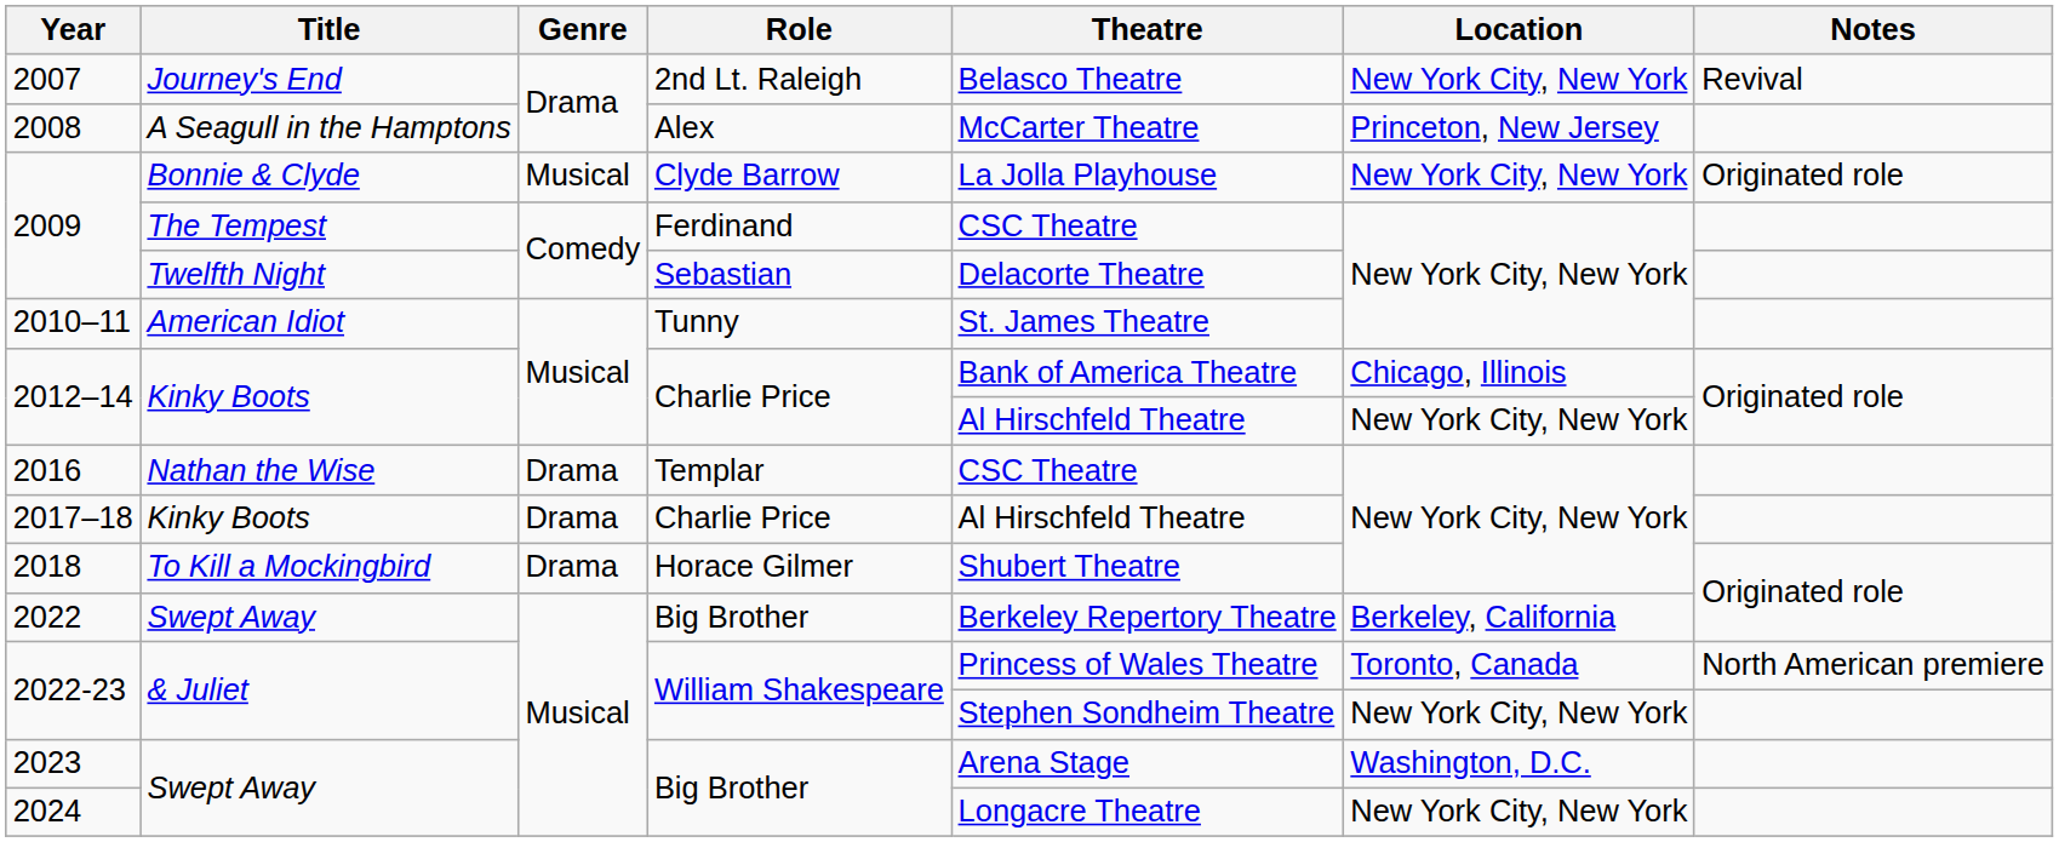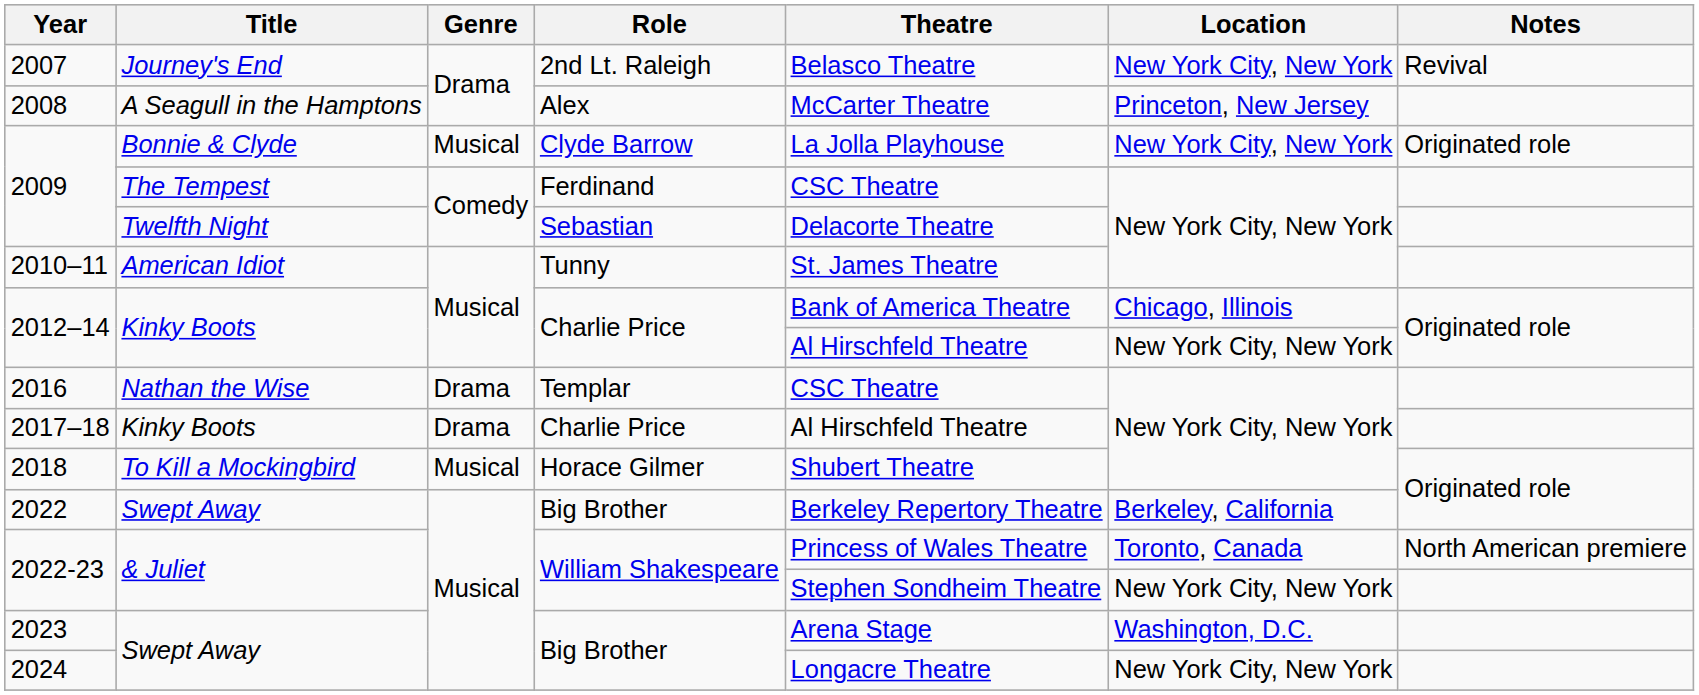 <table class="wikitable sortable">
 <tr>
 <th>Year</th>
 <th>Title</th>
 <th>Genre</th>
 <th>Role</th>
 <th>Theatre</th>
 <th>Location</th>
 <th class="unsortable">Notes</th>
 </tr>
 <tr>
 <td>2007</td>
 <td><em><a href='#'>Journey's End</a></em></td>
 <td rowspan="2">Drama</td>
 <td>2nd Lt. Raleigh</td>
 <td><a href='#'>Belasco Theatre</a></td>
 <td><a href='#'>New York City</a>, <a href='#'>New York</a></td>
 <td>Revival</td>
 </tr>
 <tr>
 <td>2008</td>
 <td><em>A Seagull in the Hamptons</em></td>
 <td>Alex</td>
 <td><a href='#'>McCarter Theatre</a></td>
 <td><a href='#'>Princeton</a>, <a href='#'>New Jersey</a></td>
 <td></td>
 </tr>
 <tr>
 <td rowspan="3">2009</td>
 <td><em><a href='#'>Bonnie & Clyde</a></em></td>
 <td>Musical</td>
 <td><a href='#'>Clyde Barrow</a></td>
 <td><a href='#'>La Jolla Playhouse</a></td>
 <td><a href='#'>New York City</a>, <a href='#'>New York</a></td>
 <td>Originated role</td>
 </tr>
 <tr>
 <td><em><a href='#'>The Tempest</a></em></td>
 <td rowspan="2">Comedy</td>
 <td>Ferdinand</td>
 <td><a href='#'>CSC Theatre</a></td>
 <td rowspan="3">New York City, New York</td>
 <td></td>
 </tr>
 <tr>
 <td><em><a href='#'>Twelfth Night</a></em></td>
 <td><a href='#'>Sebastian</a></td>
 <td><a href='#'>Delacorte Theatre</a></td>
 <td></td>
 </tr>
 <tr>
 <td>2010–11</td>
 <td><em><a href='#'>American Idiot</a></em></td>
 <td rowspan="3">Musical</td>
 <td>Tunny</td>
 <td><a href='#'>St. James Theatre</a></td>
 <td></td>
 </tr>
 <tr>
 <td rowspan="2">2012–14</td>
 <td rowspan="2"><em><a href='#'>Kinky Boots</a></em></td>
 <td rowspan="2">Charlie Price</td>
 <td><a href='#'>Bank of America Theatre</a></td>
 <td><a href='#'>Chicago</a>, <a href='#'>Illinois</a></td>
 <td rowspan="2">Originated role</td>
 </tr>
 <tr>
 <td><a href='#'>Al Hirschfeld Theatre</a></td>
 <td>New York City, New York</td>
 </tr>
 <tr>
 <td>2016</td>
 <td><em><a href='#'>Nathan the Wise</a></em></td>
 <td>Drama</td>
 <td>Templar</td>
 <td><a href='#'>CSC Theatre</a></td>
 <td rowspan="3">New York City, New York</td>
 <td></td>
 </tr>
 <tr>
 <td>2017–18</td>
 <td><em>Kinky Boots</em></td>
 <td>Drama</td>
 <td>Charlie Price</td>
 <td>Al Hirschfeld Theatre</td>
 <td></td>
 </tr>
 <tr>
 <td>2018</td>
 <td><em><a href='#'>To Kill a Mockingbird</a></em></td>
-<td>Drama</td>
+<td>Musical</td>
 <td>Horace Gilmer</td>
 <td><a href='#'>Shubert Theatre</a></td>
 <td rowspan=2>Originated role</td>
 </tr>
 <tr>
 <td>2022</td>
 <td><em><a href='#'>Swept Away</a></em></td>
 <td rowspan="5">Musical</td>
 <td>Big Brother</td>
 <td><a href='#'>Berkeley Repertory Theatre</a></td>
 <td><a href='#'>Berkeley</a>, <a href='#'>California</a></td>
 </tr>
 <tr>
 <td rowspan="2">2022-23</td>
 <td rowspan="2"><em><a href='#'>& Juliet</a></em></td>
 <td rowspan="2"><a href='#'>William Shakespeare</a></td>
 <td><a href='#'>Princess of Wales Theatre</a></td>
 <td><a href='#'>Toronto</a>, <a href='#'>Canada</a></td>
 <td>North American premiere</td>
 </tr>
 <tr>
 <td><a href='#'>Stephen Sondheim Theatre</a></td>
 <td>New York City, New York</td>
 <td></td>
 </tr>
 <tr>
 <td>2023</td>
 <td rowspan="2"><em>Swept Away</em></td>
 <td rowspan="2">Big Brother</td>
 <td><a href='#'>Arena Stage</a></td>
 <td><a href='#'>Washington, D.C.</a></td>
 <td></td>
 </tr>
 <tr>
 <td>2024</td>
 <td><a href='#'>Longacre Theatre</a></td>
 <td>New York City, New York</td>
 <td></td>
 </tr>
 </table>
